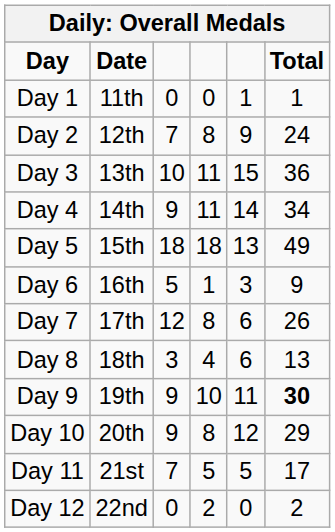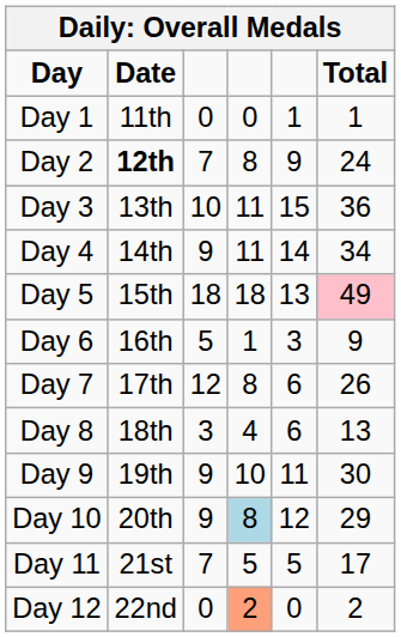 <table class="wikitable" style="font-size:100%" align="left">
 <tr bgcolor="#efefef">
 <th colspan=10><strong>Daily: Overall Medals</strong></th>
 </tr>
 <tr style="text-align:center;">
 <td><strong>Day</strong></td>
 <td><strong>Date</strong></td>
 <td></td>
 <td></td>
 <td></td>
 <td><strong>Total</strong></td>
 </tr>
 <tr style="text-align:center;">
 <td>Day 1</td>
 <td>11th</td>
 <td>0</td>
 <td>0</td>
 <td>1</td>
 <td>1</td>
 </tr>
 <tr style="text-align:center;">
 <td>Day 2</td>
-<td>12th</td>
+<td><strong>12th</strong></td>
 <td>7</td>
 <td>8</td>
 <td>9</td>
 <td>24</td>
 </tr>
 <tr style="text-align:center;">
 <td>Day 3</td>
 <td>13th</td>
 <td>10</td>
 <td>11</td>
 <td>15</td>
 <td>36</td>
 </tr>
 <tr style="text-align:center;">
 <td>Day 4</td>
 <td>14th</td>
 <td>9</td>
 <td>11</td>
 <td>14</td>
 <td>34</td>
 </tr>
 <tr style="text-align:center;">
 <td>Day 5</td>
 <td>15th</td>
 <td>18</td>
 <td>18</td>
 <td>13</td>
-<td>49</td>
+<td style="background: pink;">49</td>
 </tr>
 <tr style="text-align:center;">
 <td>Day 6</td>
 <td>16th</td>
 <td>5</td>
 <td>1</td>
 <td>3</td>
 <td>9</td>
 </tr>
 <tr style="text-align:center;">
 <td>Day 7</td>
 <td>17th</td>
 <td>12</td>
 <td>8</td>
 <td>6</td>
 <td>26</td>
 </tr>
 <tr style="text-align:center;">
 <td>Day 8</td>
 <td>18th</td>
 <td>3</td>
 <td>4</td>
 <td>6</td>
 <td>13</td>
 </tr>
 <tr style="text-align:center;">
 <td>Day 9</td>
 <td>19th</td>
 <td>9</td>
 <td>10</td>
 <td>11</td>
-<td><strong>30</strong></td>
+<td>30</td>
 </tr>
 <tr style="text-align:center;">
 <td>Day 10</td>
 <td>20th</td>
 <td>9</td>
-<td>8</td>
+<td style="background: lightblue;">8</td>
 <td>12</td>
 <td>29</td>
 </tr>
 <tr style="text-align:center;">
 <td>Day 11</td>
 <td>21st</td>
 <td>7</td>
 <td>5</td>
 <td>5</td>
 <td>17</td>
 </tr>
 <tr style="text-align:center;">
 <td>Day 12</td>
 <td>22nd</td>
 <td>0</td>
-<td>2</td>
+<td style="background: lightsalmon;">2</td>
 <td>0</td>
 <td>2</td>
 </tr>
 </table>
